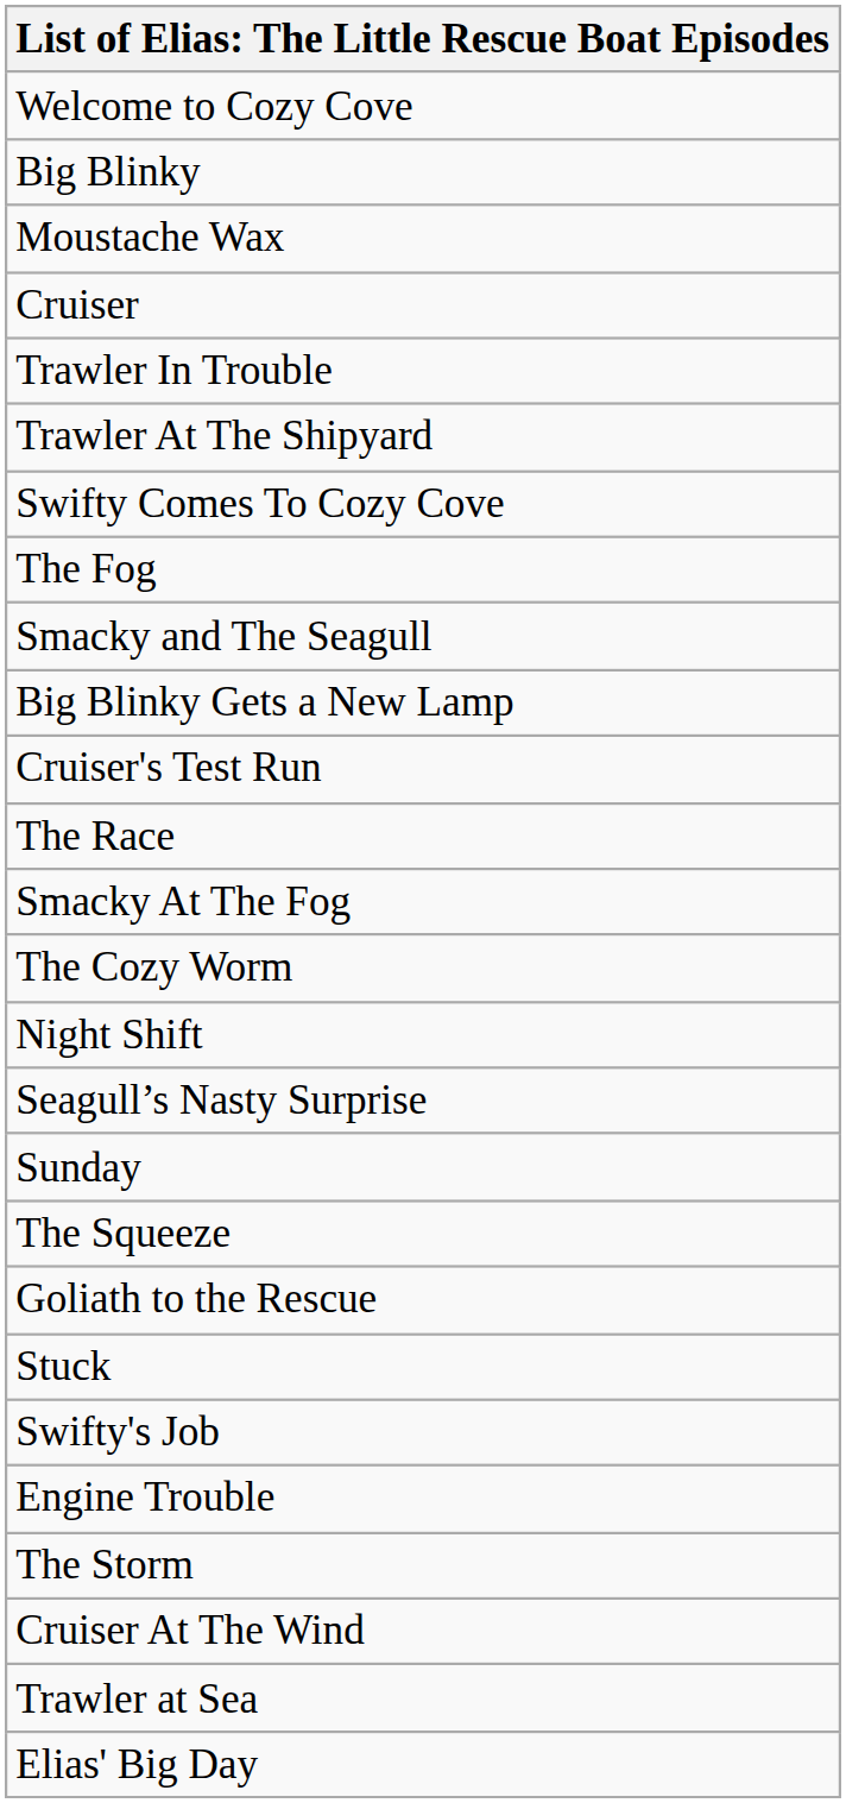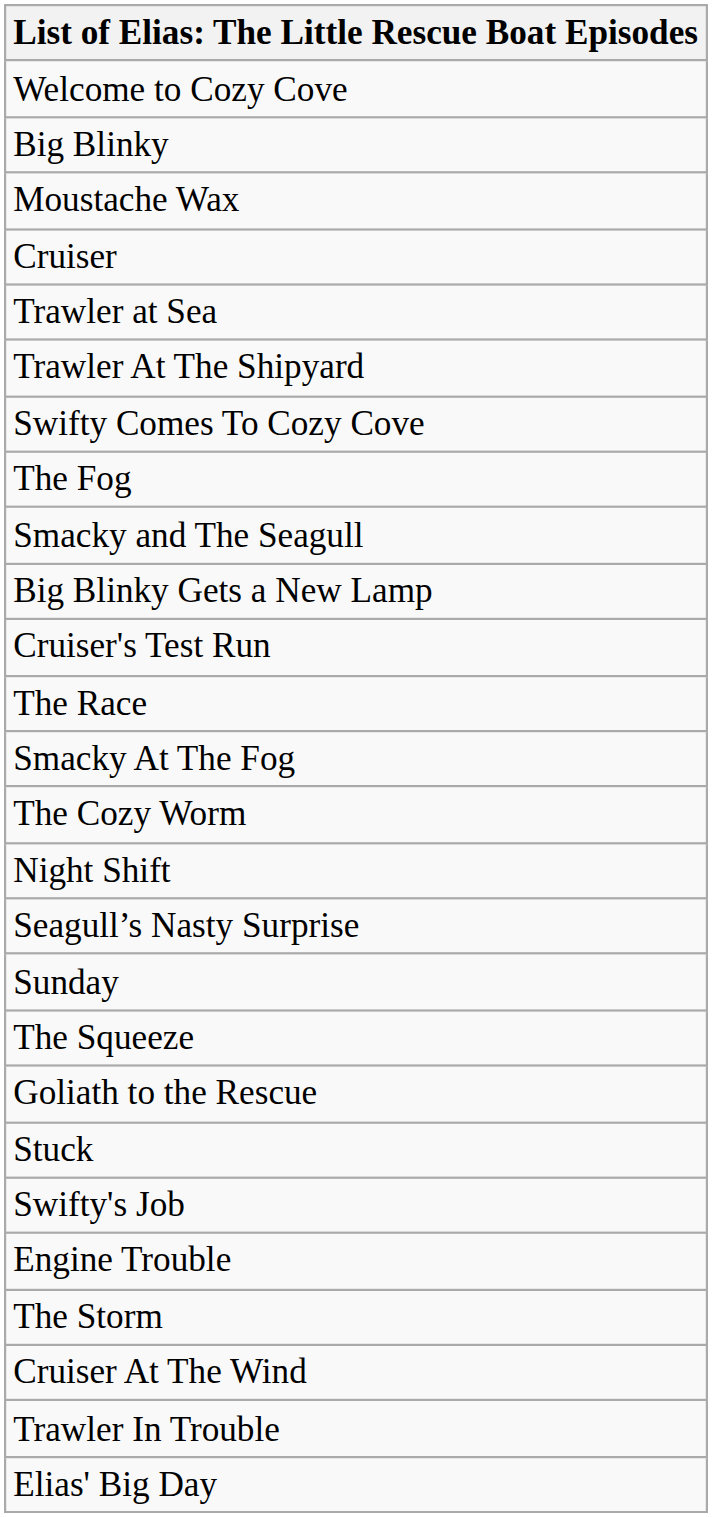 <table class="wikitable">
 <tr>
 <th>List of Elias: The Little Rescue Boat Episodes</th>
 </tr>
 <tr>
 <td>Welcome to Cozy Cove</td>
 </tr>
 <tr>
 <td>Big Blinky</td>
 </tr>
 <tr>
 <td>Moustache Wax</td>
 </tr>
 <tr>
 <td>Cruiser</td>
 </tr>
 <tr>
-<td>Trawler In Trouble</td>
+<td>Trawler at Sea</td>
 </tr>
 <tr>
 <td>Trawler At The Shipyard</td>
 </tr>
 <tr>
 <td>Swifty Comes To Cozy Cove</td>
 </tr>
 <tr>
 <td>The Fog</td>
 </tr>
 <tr>
 <td>Smacky and The Seagull</td>
 </tr>
 <tr>
 <td>Big Blinky Gets a New Lamp</td>
 </tr>
 <tr>
 <td>Cruiser's Test Run</td>
 </tr>
 <tr>
 <td>The Race</td>
 </tr>
 <tr>
 <td>Smacky At The Fog</td>
 </tr>
 <tr>
 <td>The Cozy Worm</td>
 </tr>
 <tr>
 <td>Night Shift</td>
 </tr>
 <tr>
 <td>Seagull’s Nasty Surprise</td>
 </tr>
 <tr>
 <td>Sunday</td>
 </tr>
 <tr>
 <td>The Squeeze</td>
 </tr>
 <tr>
 <td>Goliath to the Rescue</td>
 </tr>
 <tr>
 <td>Stuck</td>
 </tr>
 <tr>
 <td>Swifty's Job</td>
 </tr>
 <tr>
 <td>Engine Trouble</td>
 </tr>
 <tr>
 <td>The Storm</td>
 </tr>
 <tr>
 <td>Cruiser At The Wind</td>
 </tr>
 <tr>
-<td>Trawler at Sea</td>
+<td>Trawler In Trouble</td>
 </tr>
 <tr>
 <td>Elias' Big Day</td>
 </tr>
 </table>
